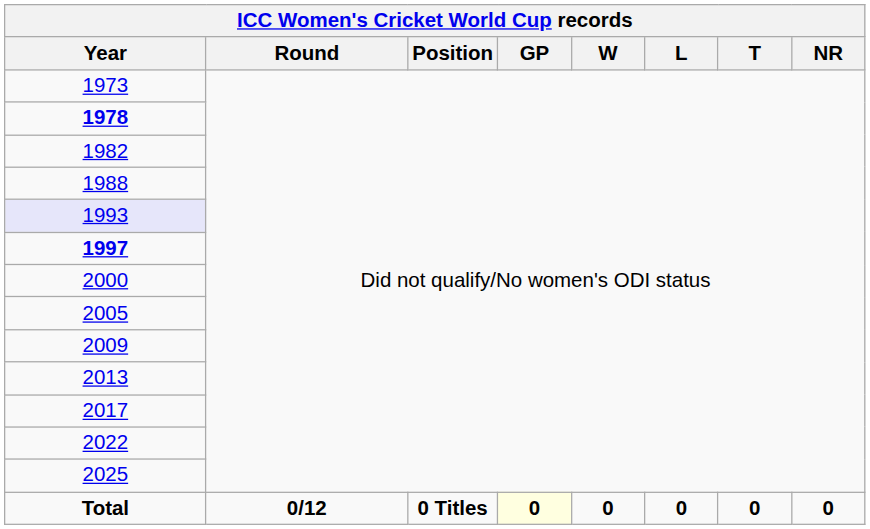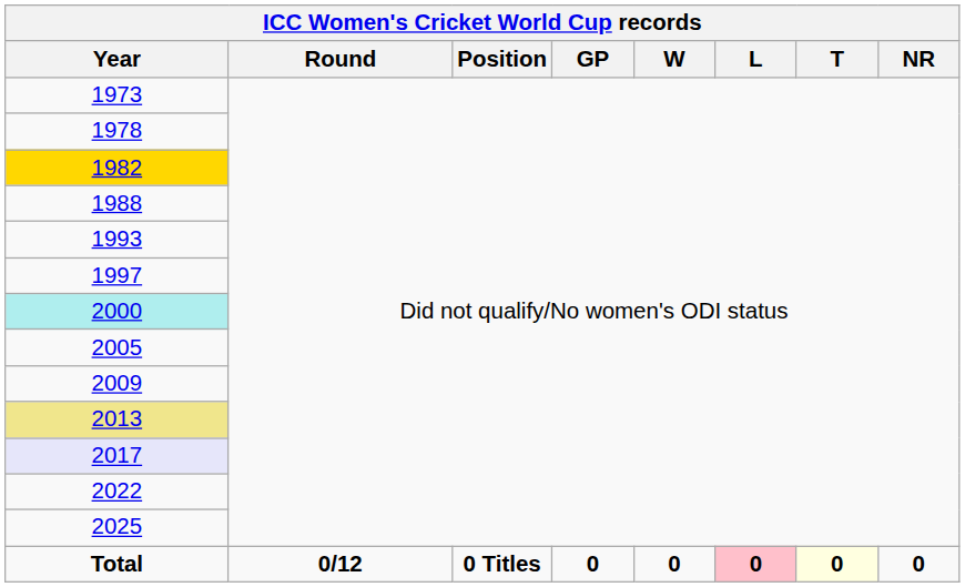 <table class="wikitable" style="text-align: center;">
 <tr>
 <th colspan=8><a href='#'>ICC Women's Cricket World Cup</a> records</th>
 </tr>
 <tr>
 <th width=150>Year</th>
 <th width=150>Round</th>
 <th width=50>Position</th>
 <th width=50>GP</th>
 <th width=50>W</th>
 <th width=50>L</th>
 <th width=50>T</th>
 <th width=50>NR</th>
 </tr>
 <tr>
 <td> <a href='#'>1973</a></td>
 <td colspan=7  rowspan=13>Did not qualify/No women's ODI status</td>
 </tr>
 <tr>
-<td><strong> <a href='#'>1978</a></strong></td>
+<td> <a href='#'>1978</a></td>
 </tr>
 <tr>
-<td> <a href='#'>1982</a></td>
+<td style="background: gold;"> <a href='#'>1982</a></td>
 </tr>
 <tr>
 <td> <a href='#'>1988</a></td>
 </tr>
 <tr>
-<td style="background: lavender;"> <a href='#'>1993</a></td>
+<td> <a href='#'>1993</a></td>
 </tr>
 <tr>
-<td><strong> <a href='#'>1997</a></strong></td>
+<td> <a href='#'>1997</a></td>
 </tr>
 <tr>
-<td> <a href='#'>2000</a></td>
+<td style="background: paleturquoise;"> <a href='#'>2000</a></td>
 </tr>
 <tr>
 <td> <a href='#'>2005</a></td>
 </tr>
 <tr>
 <td> <a href='#'>2009</a></td>
 </tr>
 <tr>
-<td> <a href='#'>2013</a></td>
+<td style="background: khaki;"> <a href='#'>2013</a></td>
 </tr>
 <tr>
-<td> <a href='#'>2017</a></td>
+<td style="background: lavender;"> <a href='#'>2017</a></td>
 </tr>
 <tr>
 <td> <a href='#'>2022</a></td>
 </tr>
 <tr>
 <td> <a href='#'>2025</a></td>
 </tr>
 <tr>
 <td><strong>Total</strong></td>
 <td><strong>0/12</strong></td>
 <td><strong>0 Titles</strong></td>
-<td style="background: lightyellow;"><strong>0</strong></td>
 <td><strong>0</strong></td>
 <td><strong>0</strong></td>
-<td><strong>0</strong></td>
+<td style="background: pink;"><strong>0</strong></td>
+<td style="background: lightyellow;"><strong>0</strong></td>
 <td><strong>0</strong></td>
 </tr>
 </table>
